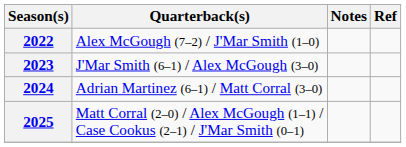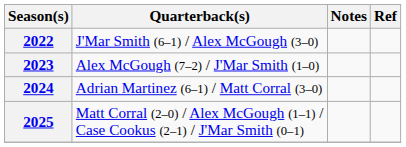 <table class="wikitable plainrowheaders">
 <tr>
 <th>Season(s)</th>
 <th>Quarterback(s)</th>
 <th>Notes</th>
 <th>Ref</th>
 </tr>
 <tr>
 <th scope="row"><a href='#'>2022</a></th>
-<td><a href='#'>Alex McGough</a> <small>(7–2)</small> / <a href='#'>J'Mar Smith</a> <small>(1–0)</small></td>
+<td><a href='#'>J'Mar Smith</a> <small>(6–1)</small> / <a href='#'>Alex McGough</a> <small>(3–0)</small></td>
 <td></td>
 <td></td>
 </tr>
 <tr>
 <th scope="row"><a href='#'>2023</a></th>
-<td><a href='#'>J'Mar Smith</a> <small>(6–1)</small> / <a href='#'>Alex McGough</a> <small>(3–0)</small></td>
+<td><a href='#'>Alex McGough</a> <small>(7–2)</small> / <a href='#'>J'Mar Smith</a> <small>(1–0)</small></td>
 <td></td>
 <td></td>
 </tr>
 <tr>
 <th scope="row"><a href='#'>2024</a></th>
 <td><a href='#'>Adrian Martinez</a> <small>(6–1)</small> / <a href='#'>Matt Corral</a> <small>(3–0)</small></td>
 <td></td>
 <td></td>
 </tr>
 <tr>
 <th scope="row"><a href='#'>2025</a></th>
 <td><a href='#'>Matt Corral</a> <small>(2–0)</small> / <a href='#'>Alex McGough</a> <small>(1–1)</small> / <br> <a href='#'>Case Cookus</a> <small>(2–1)</small> / <a href='#'>J'Mar Smith</a> <small>(0–1)</small></td>
 <td></td>
 <td></td>
 </tr>
 <tr>
 </tr>
 </table>
